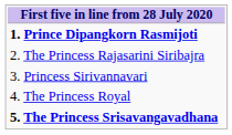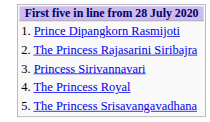 <table border=0 cellpadding=2 cellspacing=2 style="float:right; margin:0 0 1em 1em; border:1px solid #aaa; background:#f9f9f9; text-align:left;">
 <tr>
 <th style="background:#CCBBEE; font-size: 95%; color:#000066; border-bottom: 1px solid #aaaaaa; padding: 0 5px 0 5px; text-align:center;" colspan=2>First five in line from 28 July 2020</th>
 </tr>
 <tr>
-<td><strong>1. <a href='#'>Prince Dipangkorn Rasmijoti</a></strong></td>
+<td>1. <a href='#'>Prince Dipangkorn Rasmijoti</a></td>
 <td></td>
 </tr>
 <tr>
 <td>2. <a href='#'>The Princess Rajasarini Siribajra</a></td>
 <td></td>
 </tr>
 <tr>
 <td>3. <a href='#'>Princess Sirivannavari</a></td>
 <td></td>
 </tr>
 <tr>
 <td>4. <a href='#'>The Princess Royal</a></td>
 <td></td>
 </tr>
 <tr>
-<td><strong>5. <a href='#'>The Princess Srisavangavadhana</a></strong></td>
+<td>5. <a href='#'>The Princess Srisavangavadhana</a></td>
 <td></td>
 </tr>
 </table>
